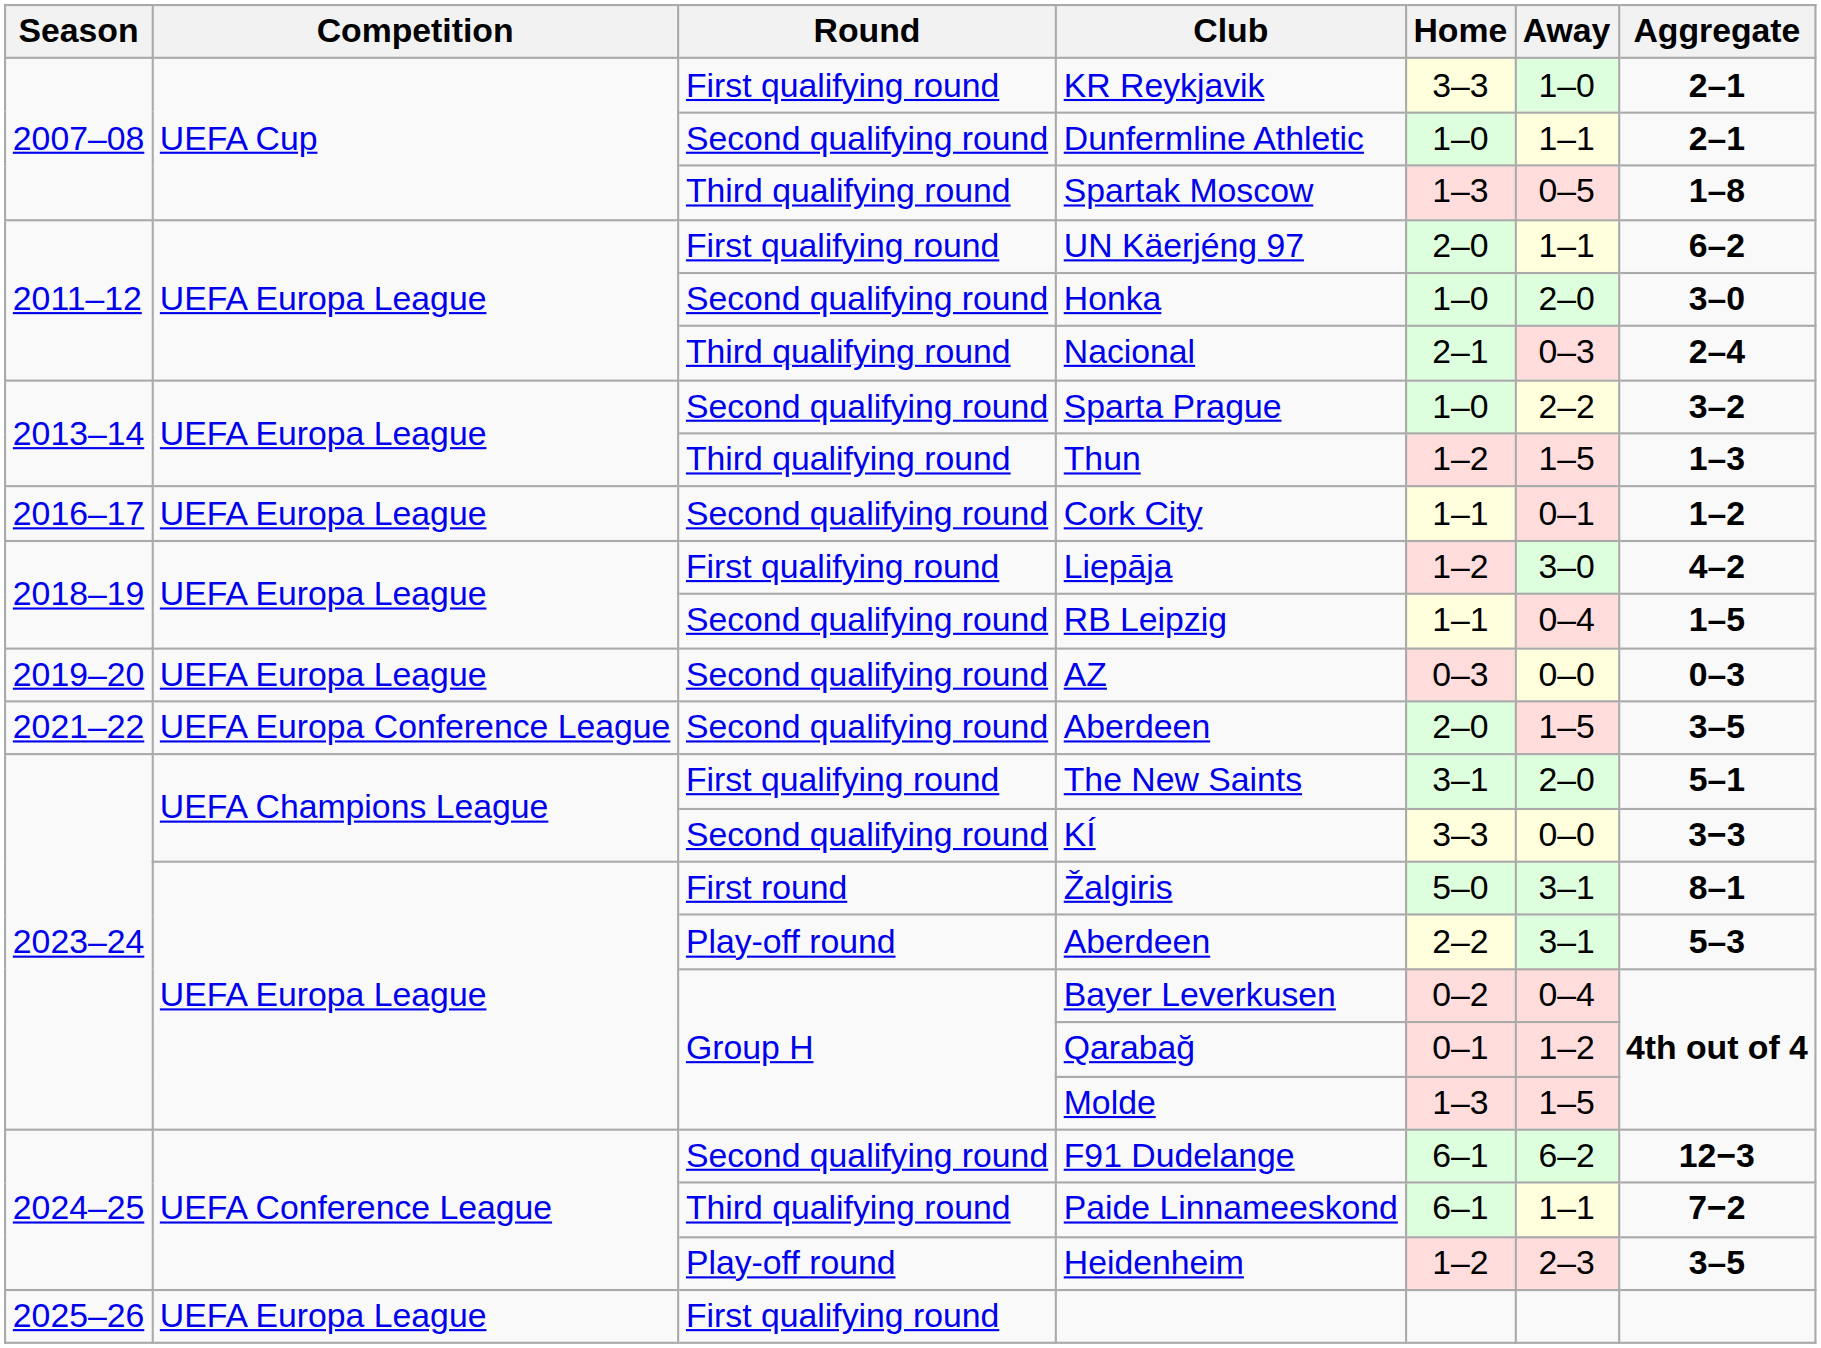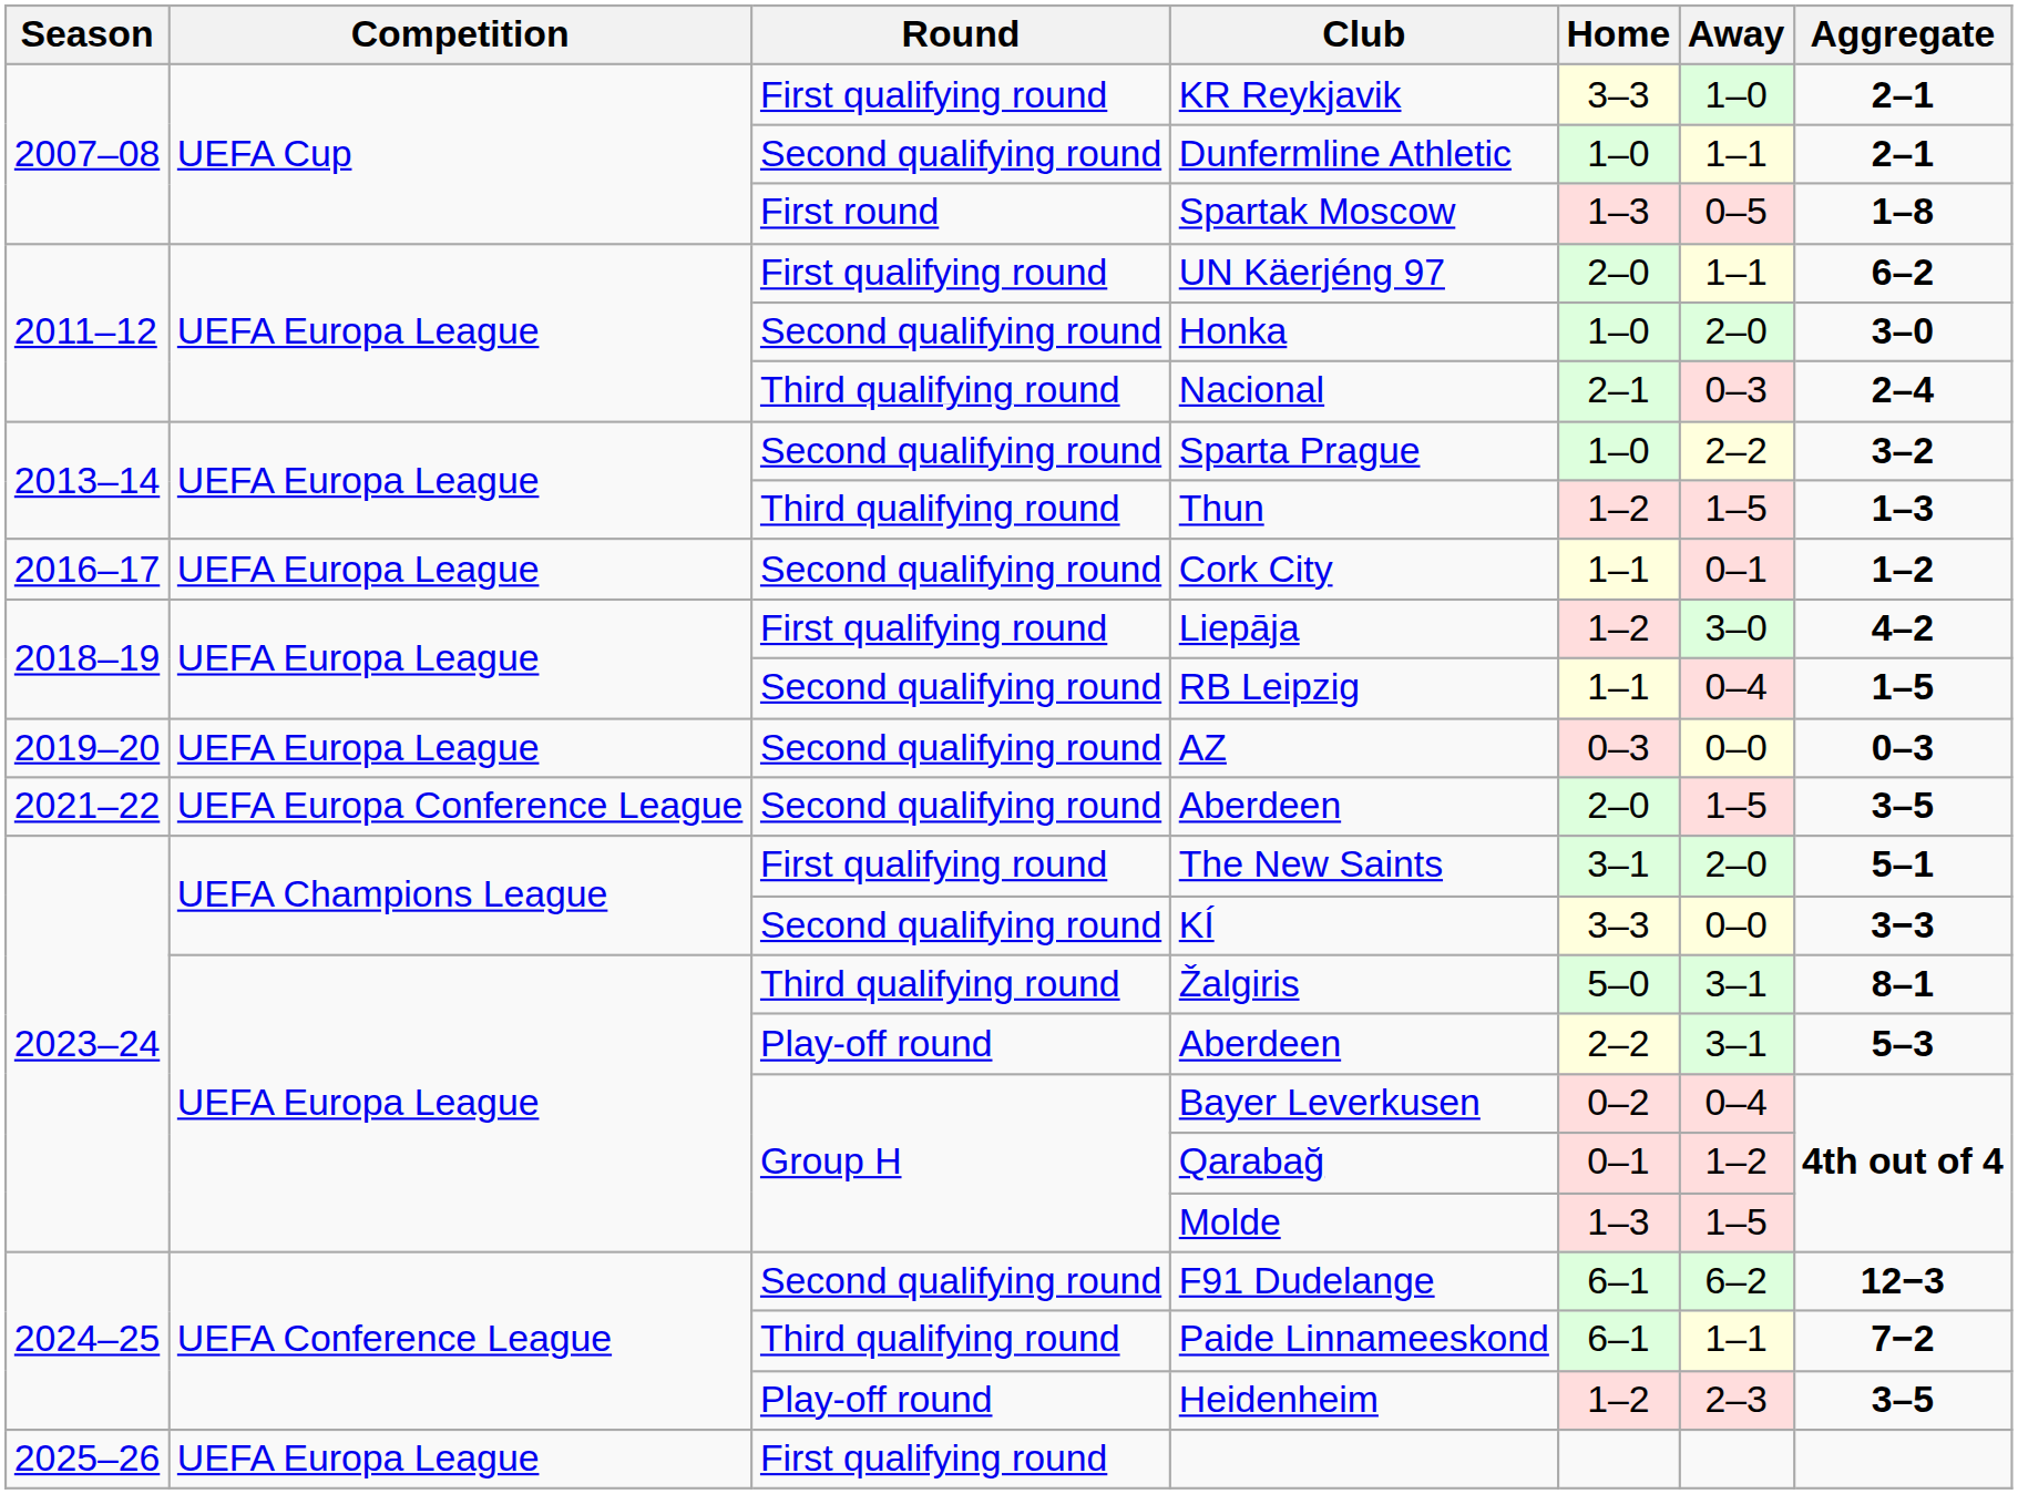 <table class="wikitable">
 <tr>
 <th>Season</th>
 <th>Competition</th>
 <th>Round</th>
 <th>Club</th>
 <th>Home</th>
 <th>Away</th>
 <th>Aggregate</th>
 </tr>
 <tr>
 <td rowspan="3"><a href='#'>2007–08</a></td>
 <td rowspan="3"><a href='#'>UEFA Cup</a></td>
 <td><a href='#'>First qualifying round</a></td>
 <td> <a href='#'>KR Reykjavik</a></td>
 <td style="text-align:center; background:#ffd;">3–3 </td>
 <td style="text-align:center; background:#dfd;">1–0</td>
 <td style="text-align:center;"><strong>2–1</strong></td>
 </tr>
 <tr>
 <td><a href='#'>Second qualifying round</a></td>
 <td> <a href='#'>Dunfermline Athletic</a></td>
 <td style="text-align:center; background:#dfd;">1–0</td>
 <td style="text-align:center; background:#ffd;">1–1</td>
 <td style="text-align:center;"><strong>2–1</strong></td>
 </tr>
 <tr>
-<td><a href='#'>Third qualifying round</a></td>
+<td><a href='#'>First round</a></td>
 <td> <a href='#'>Spartak Moscow</a></td>
 <td style="text-align:center; background:#fdd;">1–3</td>
 <td style="text-align:center; background:#fdd;">0–5</td>
 <td style="text-align:center;"><strong>1–8</strong></td>
 </tr>
 <tr>
 <td rowspan="3"><a href='#'>2011–12</a></td>
 <td rowspan="3"><a href='#'>UEFA Europa League</a></td>
 <td><a href='#'>First qualifying round</a></td>
 <td> <a href='#'>UN Käerjéng 97</a></td>
 <td style="text-align:center; background:#dfd;">2–0</td>
 <td style="text-align:center; background:#ffd;">1–1</td>
 <td style="text-align:center;"><strong>6–2</strong></td>
 </tr>
 <tr>
 <td><a href='#'>Second qualifying round</a></td>
 <td> <a href='#'>Honka</a></td>
 <td style="text-align:center; background:#dfd;">1–0</td>
 <td style="text-align:center; background:#dfd;">2–0</td>
 <td style="text-align:center;"><strong>3–0</strong></td>
 </tr>
 <tr>
 <td><a href='#'>Third qualifying round</a></td>
 <td> <a href='#'>Nacional</a></td>
 <td style="text-align:center; background:#dfd;">2–1</td>
 <td style="text-align:center; background:#fdd;">0–3</td>
 <td style="text-align:center;"><strong>2–4</strong></td>
 </tr>
 <tr>
 <td rowspan=2><a href='#'>2013–14</a></td>
 <td rowspan=2><a href='#'>UEFA Europa League</a></td>
 <td><a href='#'>Second qualifying round</a></td>
 <td> <a href='#'>Sparta Prague</a></td>
 <td style="text-align:center; background:#dfd;">1–0</td>
 <td style="text-align:center; background:#ffd;">2–2</td>
 <td style="text-align:center;"><strong>3–2</strong></td>
 </tr>
 <tr>
 <td><a href='#'>Third qualifying round</a></td>
 <td> <a href='#'>Thun</a></td>
 <td style="text-align:center; background:#fdd;">1–2</td>
 <td style="text-align:center; background:#fdd;">1–5</td>
 <td style="text-align:center;"><strong>1–3</strong></td>
 </tr>
 <tr>
 <td><a href='#'>2016–17</a></td>
 <td><a href='#'>UEFA Europa League</a></td>
 <td><a href='#'>Second qualifying round</a></td>
 <td> <a href='#'>Cork City</a></td>
 <td style="text-align:center; background:#ffd;">1–1</td>
 <td style="text-align:center; background:#fdd;">0–1</td>
 <td style="text-align:center;"><strong>1–2</strong></td>
 </tr>
 <tr>
 <td rowspan="2"><a href='#'>2018–19</a></td>
 <td rowspan="2"><a href='#'>UEFA Europa League</a></td>
 <td><a href='#'>First qualifying round</a></td>
 <td> <a href='#'>Liepāja</a></td>
 <td style="text-align:center; background:#fdd;">1–2</td>
 <td style="text-align:center; background:#dfd;">3–0</td>
 <td style="text-align:center;"><strong>4–2</strong></td>
 </tr>
 <tr>
 <td><a href='#'>Second qualifying round</a></td>
 <td> <a href='#'>RB Leipzig</a></td>
 <td style="text-align:center; background:#ffd;">1–1</td>
 <td style="text-align:center; background:#fdd;">0–4</td>
 <td style="text-align:center;"><strong>1–5</strong></td>
 </tr>
 <tr>
 <td><a href='#'>2019–20</a></td>
 <td><a href='#'>UEFA Europa League</a></td>
 <td><a href='#'>Second qualifying round</a></td>
 <td> <a href='#'>AZ</a></td>
 <td style="text-align:center; background:#fdd;">0–3</td>
 <td style="text-align:center; background:#ffd;">0–0</td>
 <td style="text-align:center;"><strong>0–3</strong></td>
 </tr>
 <tr>
 <td><a href='#'>2021–22</a></td>
 <td><a href='#'>UEFA Europa Conference League</a></td>
 <td><a href='#'>Second qualifying round</a></td>
 <td> <a href='#'>Aberdeen</a></td>
 <td style="text-align:center; background:#dfd;">2–0</td>
 <td style="text-align:center; background:#fdd;">1–5</td>
 <td style="text-align:center;"><strong>3–5</strong></td>
 </tr>
 <tr>
 <td rowspan="7"><a href='#'>2023–24</a></td>
 <td rowspan="2"><a href='#'>UEFA Champions League</a></td>
 <td><a href='#'>First qualifying round</a></td>
 <td> <a href='#'>The New Saints</a></td>
 <td style="text-align:center; background:#dfd;">3–1</td>
 <td style="text-align:center; background:#dfd;">2–0</td>
 <td style="text-align:center;"><strong>5–1</strong></td>
 </tr>
 <tr>
 <td><a href='#'>Second qualifying round</a></td>
 <td> <a href='#'>KÍ</a></td>
 <td style="text-align:center; background:#ffd;">3–3 </td>
 <td style="text-align:center; background:#ffd;">0–0</td>
 <td style="text-align:center;"><strong>3−3</strong> </td>
 </tr>
 <tr>
 <td rowspan="5"><a href='#'>UEFA Europa League</a></td>
-<td><a href='#'>First round</a></td>
+<td><a href='#'>Third qualifying round</a></td>
 <td> <a href='#'>Žalgiris</a></td>
 <td style="text-align:center; background:#dfd;">5–0</td>
 <td style="text-align:center; background:#dfd;">3–1</td>
 <td style="text-align:center;"><strong>8–1</strong></td>
 </tr>
 <tr>
 <td><a href='#'>Play-off round</a></td>
 <td> <a href='#'>Aberdeen</a></td>
 <td style="text-align:center; background:#ffd;">2–2</td>
 <td style="text-align:center; background:#dfd;">3–1</td>
 <td style="text-align:center;"><strong>5–3</strong></td>
 </tr>
 <tr>
 <td rowspan="3"><a href='#'>Group H</a></td>
 <td> <a href='#'>Bayer Leverkusen</a></td>
 <td style="text-align:center; background:#fdd;">0–2</td>
 <td style="text-align:center; background:#fdd;">0–4</td>
 <td rowspan="3"><strong>4th out of 4</strong></td>
 </tr>
 <tr>
 <td> <a href='#'>Qarabağ</a></td>
 <td style="text-align:center; background:#fdd;">0–1</td>
 <td style="text-align:center; background:#fdd;">1–2</td>
 </tr>
 <tr>
 <td> <a href='#'>Molde</a></td>
 <td style="text-align:center; background:#fdd;">1–3</td>
 <td style="text-align:center; background:#fdd;">1–5</td>
 </tr>
 <tr>
 <td rowspan="3"><a href='#'>2024–25</a></td>
 <td rowspan="3"><a href='#'>UEFA Conference League</a></td>
 <td><a href='#'>Second qualifying round</a></td>
 <td> <a href='#'>F91 Dudelange</a></td>
 <td style="text-align:center; background:#dfd;">6–1</td>
 <td style="text-align:center; background:#dfd;">6–2</td>
 <td style="text-align:center;"><strong>12−3</strong></td>
 </tr>
 <tr>
 <td><a href='#'>Third qualifying round</a></td>
 <td> <a href='#'>Paide Linnameeskond</a></td>
 <td style="text-align:center; background:#dfd;">6–1</td>
 <td style="text-align:center; background:#ffd;">1–1</td>
 <td style="text-align:center;"><strong>7−2</strong></td>
 </tr>
 <tr>
 <td><a href='#'>Play-off round</a></td>
 <td> <a href='#'>Heidenheim</a></td>
 <td style="text-align:center; background:#fdd;">1–2</td>
 <td style="text-align:center; background:#fdd;">2–3</td>
 <td style="text-align:center;"><strong>3–5</strong></td>
 </tr>
 <tr>
 <td><a href='#'>2025–26</a></td>
 <td><a href='#'>UEFA Europa League</a></td>
 <td><a href='#'>First qualifying round</a></td>
 <td></td>
 <td style="text-align:center;"></td>
 <td style="text-align:center;"></td>
 <td style="text-align:center;"></td>
 </tr>
 </table>
